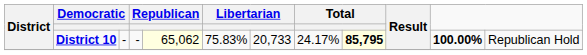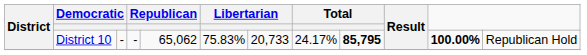 <table class="wikitable plainrowheaders sortable" style="font-size:100%; text-align:right;">
 <tr>
 <th scope=col rowspan=3>District</th>
 <th scope=col colspan=2><a href='#'>Democratic</a></th>
 <th scope=col colspan=2><a href='#'>Republican</a></th>
 <th scope=col colspan=2><a href='#'>Libertarian</a></th>
 <th scope=col colspan=2>Total</th>
 <th scope=col rowspan=3>Result</th>
 </tr>
 <tr>
 <th scope=col colspan=2 style="background:"></th>
 <th scope=col colspan=2 style="background:"></th>
 <th scope=col colspan=2 style="background:"></th>
 <th scope=col colspan=2></th>
 </tr>
 <tr>
-<td align=left><strong><a href='#'>District 10</a></strong></td>
+<td align=left><a href='#'>District 10</a></td>
 <td>-</td>
 <td>-</td>
-<td style="background: lightyellow;">65,062</td>
+<td>65,062</td>
 <td>75.83%</td>
 <td>20,733</td>
 <td>24.17%</td>
-<td style="background: lightyellow;"><strong>85,795</strong></td>
+<td><strong>85,795</strong></td>
 <td><strong>100.00%</strong></td>
 <td align=left>Republican Hold</td>
 </tr>
 <tr>
 </tr>
 </table>
